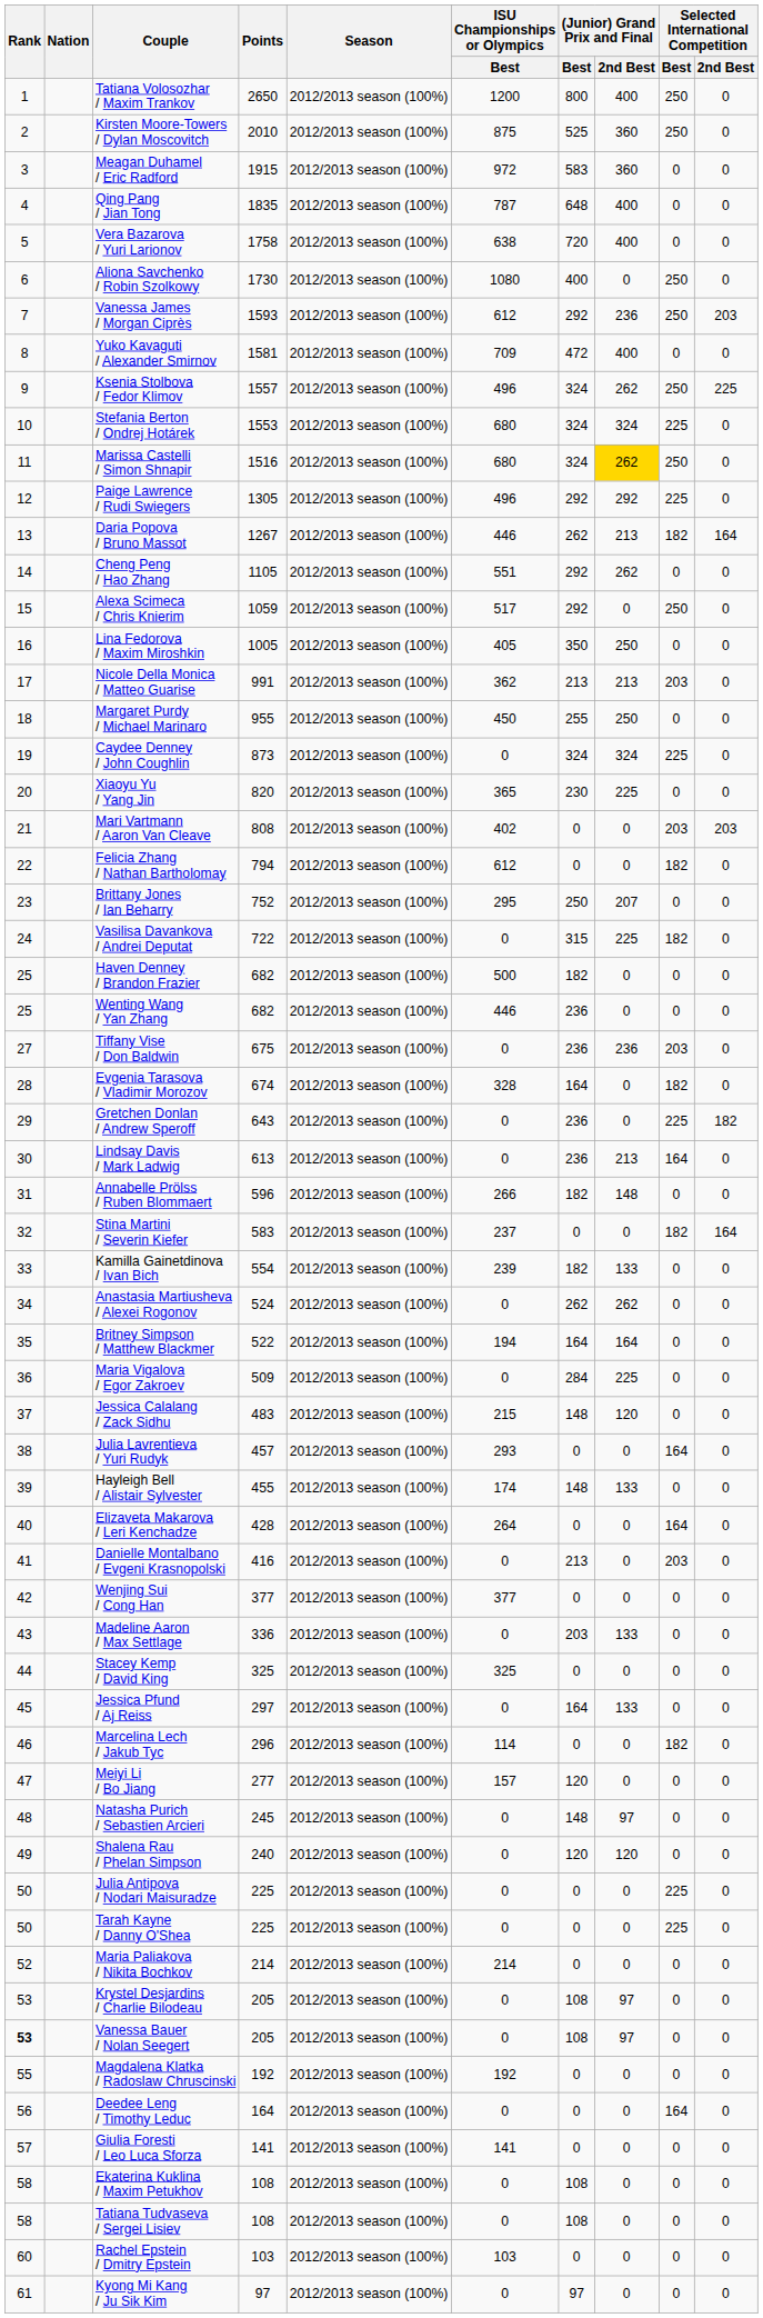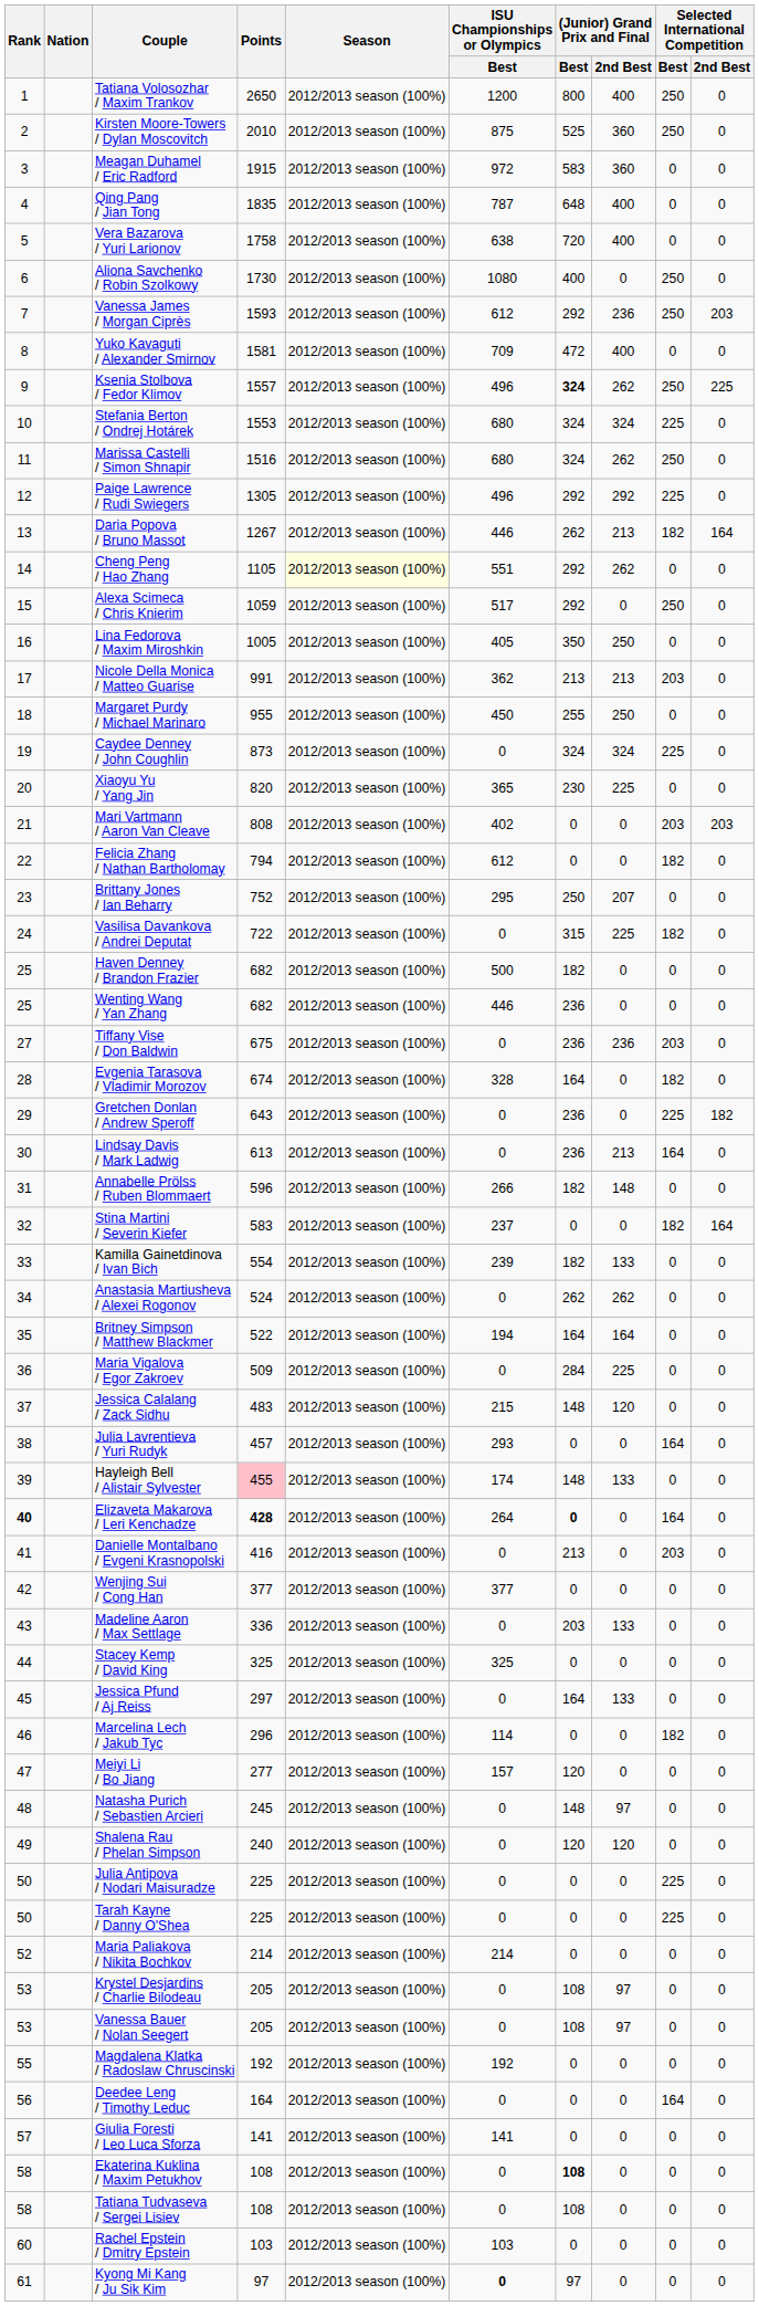 <table class="wikitable sortable" style="text-align: center;">
 <tr>
 <th rowspan="2">Rank</th>
 <th rowspan="2">Nation</th>
 <th rowspan="2">Couple</th>
 <th rowspan="2">Points</th>
 <th rowspan="2">Season</th>
 <th>ISU <br> Championships <br> or Olympics</th>
 <th colspan="2">(Junior) Grand <br> Prix and Final</th>
 <th colspan="2">Selected <br> International <br> Competition</th>
 </tr>
 <tr>
 <th>Best</th>
 <th>Best</th>
 <th>2nd Best</th>
 <th>Best</th>
 <th>2nd Best</th>
 </tr>
 <tr>
 <td>1</td>
 <td style="text-align: left;"></td>
 <td style="text-align: left;"><a href='#'>Tatiana Volosozhar</a> <br>/ <a href='#'>Maxim Trankov</a></td>
 <td>2650</td>
 <td style="text-align: left;">2012/2013 season (100%)</td>
 <td>1200</td>
 <td>800</td>
 <td>400</td>
 <td>250</td>
 <td>0</td>
 </tr>
 <tr>
 <td>2</td>
 <td style="text-align: left;"></td>
 <td style="text-align: left;"><a href='#'>Kirsten Moore-Towers</a> <br>/ <a href='#'>Dylan Moscovitch</a></td>
 <td>2010</td>
 <td style="text-align: left;">2012/2013 season (100%)</td>
 <td>875</td>
 <td>525</td>
 <td>360</td>
 <td>250</td>
 <td>0</td>
 </tr>
 <tr>
 <td>3</td>
 <td style="text-align: left;"></td>
 <td style="text-align: left;"><a href='#'>Meagan Duhamel</a> <br>/ <a href='#'>Eric Radford</a></td>
 <td>1915</td>
 <td style="text-align: left;">2012/2013 season (100%)</td>
 <td>972</td>
 <td>583</td>
 <td>360</td>
 <td>0</td>
 <td>0</td>
 </tr>
 <tr>
 <td>4</td>
 <td style="text-align: left;"></td>
 <td style="text-align: left;"><a href='#'>Qing Pang</a> <br>/ <a href='#'>Jian Tong</a></td>
 <td>1835</td>
 <td style="text-align: left;">2012/2013 season (100%)</td>
 <td>787</td>
 <td>648</td>
 <td>400</td>
 <td>0</td>
 <td>0</td>
 </tr>
 <tr>
 <td>5</td>
 <td style="text-align: left;"></td>
 <td style="text-align: left;"><a href='#'>Vera Bazarova</a> <br>/ <a href='#'>Yuri Larionov</a></td>
 <td>1758</td>
 <td style="text-align: left;">2012/2013 season (100%)</td>
 <td>638</td>
 <td>720</td>
 <td>400</td>
 <td>0</td>
 <td>0</td>
 </tr>
 <tr>
 <td>6</td>
 <td style="text-align: left;"></td>
 <td style="text-align: left;"><a href='#'>Aliona Savchenko</a> <br>/ <a href='#'>Robin Szolkowy</a></td>
 <td>1730</td>
 <td style="text-align: left;">2012/2013 season (100%)</td>
 <td>1080</td>
 <td>400</td>
 <td>0</td>
 <td>250</td>
 <td>0</td>
 </tr>
 <tr>
 <td>7</td>
 <td style="text-align: left;"></td>
 <td style="text-align: left;"><a href='#'>Vanessa James</a> <br>/ <a href='#'>Morgan Ciprès</a></td>
 <td>1593</td>
 <td style="text-align: left;">2012/2013 season (100%)</td>
 <td>612</td>
 <td>292</td>
 <td>236</td>
 <td>250</td>
 <td>203</td>
 </tr>
 <tr>
 <td>8</td>
 <td style="text-align: left;"></td>
 <td style="text-align: left;"><a href='#'>Yuko Kavaguti</a> <br>/ <a href='#'>Alexander Smirnov</a></td>
 <td>1581</td>
 <td style="text-align: left;">2012/2013 season (100%)</td>
 <td>709</td>
 <td>472</td>
 <td>400</td>
 <td>0</td>
 <td>0</td>
 </tr>
 <tr>
 <td>9</td>
 <td style="text-align: left;"></td>
 <td style="text-align: left;"><a href='#'>Ksenia Stolbova</a> <br>/ <a href='#'>Fedor Klimov</a></td>
 <td>1557</td>
 <td style="text-align: left;">2012/2013 season (100%)</td>
 <td>496</td>
-<td>324</td>
+<td><strong>324</strong></td>
 <td>262</td>
 <td>250</td>
 <td>225</td>
 </tr>
 <tr>
 <td>10</td>
 <td style="text-align: left;"></td>
 <td style="text-align: left;"><a href='#'>Stefania Berton</a> <br>/ <a href='#'>Ondrej Hotárek</a></td>
 <td>1553</td>
 <td style="text-align: left;">2012/2013 season (100%)</td>
 <td>680</td>
 <td>324</td>
 <td>324</td>
 <td>225</td>
 <td>0</td>
 </tr>
 <tr>
 <td>11</td>
 <td style="text-align: left;"></td>
 <td style="text-align: left;"><a href='#'>Marissa Castelli</a> <br>/ <a href='#'>Simon Shnapir</a></td>
 <td>1516</td>
 <td style="text-align: left;">2012/2013 season (100%)</td>
 <td>680</td>
 <td>324</td>
-<td style="background: gold;">262</td>
+<td>262</td>
 <td>250</td>
 <td>0</td>
 </tr>
 <tr>
 <td>12</td>
 <td style="text-align: left;"></td>
 <td style="text-align: left;"><a href='#'>Paige Lawrence</a> <br>/ <a href='#'>Rudi Swiegers</a></td>
 <td>1305</td>
 <td style="text-align: left;">2012/2013 season (100%)</td>
 <td>496</td>
 <td>292</td>
 <td>292</td>
 <td>225</td>
 <td>0</td>
 </tr>
 <tr>
 <td>13</td>
 <td style="text-align: left;"></td>
 <td style="text-align: left;"><a href='#'>Daria Popova</a> <br>/ <a href='#'>Bruno Massot</a></td>
 <td>1267</td>
 <td style="text-align: left;">2012/2013 season (100%)</td>
 <td>446</td>
 <td>262</td>
 <td>213</td>
 <td>182</td>
 <td>164</td>
 </tr>
 <tr>
 <td>14</td>
 <td style="text-align: left;"></td>
 <td style="text-align: left;"><a href='#'>Cheng Peng</a> <br>/ <a href='#'>Hao Zhang</a></td>
 <td>1105</td>
-<td style="text-align: left;">2012/2013 season (100%)</td>
+<td style="background: lightyellow; text-align: left;">2012/2013 season (100%)</td>
 <td>551</td>
 <td>292</td>
 <td>262</td>
 <td>0</td>
 <td>0</td>
 </tr>
 <tr>
 <td>15</td>
 <td style="text-align: left;"></td>
 <td style="text-align: left;"><a href='#'>Alexa Scimeca</a> <br>/ <a href='#'>Chris Knierim</a></td>
 <td>1059</td>
 <td style="text-align: left;">2012/2013 season (100%)</td>
 <td>517</td>
 <td>292</td>
 <td>0</td>
 <td>250</td>
 <td>0</td>
 </tr>
 <tr>
 <td>16</td>
 <td style="text-align: left;"></td>
 <td style="text-align: left;"><a href='#'>Lina Fedorova</a> <br>/ <a href='#'>Maxim Miroshkin</a></td>
 <td>1005</td>
 <td style="text-align: left;">2012/2013 season (100%)</td>
 <td>405</td>
 <td>350</td>
 <td>250</td>
 <td>0</td>
 <td>0</td>
 </tr>
 <tr>
 <td>17</td>
 <td style="text-align: left;"></td>
 <td style="text-align: left;"><a href='#'>Nicole Della Monica</a> <br>/ <a href='#'>Matteo Guarise</a></td>
 <td>991</td>
 <td style="text-align: left;">2012/2013 season (100%)</td>
 <td>362</td>
 <td>213</td>
 <td>213</td>
 <td>203</td>
 <td>0</td>
 </tr>
 <tr>
 <td>18</td>
 <td style="text-align: left;"></td>
 <td style="text-align: left;"><a href='#'>Margaret Purdy</a> <br>/ <a href='#'>Michael Marinaro</a></td>
 <td>955</td>
 <td style="text-align: left;">2012/2013 season (100%)</td>
 <td>450</td>
 <td>255</td>
 <td>250</td>
 <td>0</td>
 <td>0</td>
 </tr>
 <tr>
 <td>19</td>
 <td style="text-align: left;"></td>
 <td style="text-align: left;"><a href='#'>Caydee Denney</a> <br>/ <a href='#'>John Coughlin</a></td>
 <td>873</td>
 <td style="text-align: left;">2012/2013 season (100%)</td>
 <td>0</td>
 <td>324</td>
 <td>324</td>
 <td>225</td>
 <td>0</td>
 </tr>
 <tr>
 <td>20</td>
 <td style="text-align: left;"></td>
 <td style="text-align: left;"><a href='#'>Xiaoyu Yu</a> <br>/ <a href='#'>Yang Jin</a></td>
 <td>820</td>
 <td style="text-align: left;">2012/2013 season (100%)</td>
 <td>365</td>
 <td>230</td>
 <td>225</td>
 <td>0</td>
 <td>0</td>
 </tr>
 <tr>
 <td>21</td>
 <td style="text-align: left;"></td>
 <td style="text-align: left;"><a href='#'>Mari Vartmann</a> <br>/ <a href='#'>Aaron Van Cleave</a></td>
 <td>808</td>
 <td style="text-align: left;">2012/2013 season (100%)</td>
 <td>402</td>
 <td>0</td>
 <td>0</td>
 <td>203</td>
 <td>203</td>
 </tr>
 <tr>
 <td>22</td>
 <td style="text-align: left;"></td>
 <td style="text-align: left;"><a href='#'>Felicia Zhang</a> <br>/ <a href='#'>Nathan Bartholomay</a></td>
 <td>794</td>
 <td style="text-align: left;">2012/2013 season (100%)</td>
 <td>612</td>
 <td>0</td>
 <td>0</td>
 <td>182</td>
 <td>0</td>
 </tr>
 <tr>
 <td>23</td>
 <td style="text-align: left;"></td>
 <td style="text-align: left;"><a href='#'>Brittany Jones</a> <br>/ <a href='#'>Ian Beharry</a></td>
 <td>752</td>
 <td style="text-align: left;">2012/2013 season (100%)</td>
 <td>295</td>
 <td>250</td>
 <td>207</td>
 <td>0</td>
 <td>0</td>
 </tr>
 <tr>
 <td>24</td>
 <td style="text-align: left;"></td>
 <td style="text-align: left;"><a href='#'>Vasilisa Davankova</a> <br>/ <a href='#'>Andrei Deputat</a></td>
 <td>722</td>
 <td style="text-align: left;">2012/2013 season (100%)</td>
 <td>0</td>
 <td>315</td>
 <td>225</td>
 <td>182</td>
 <td>0</td>
 </tr>
 <tr>
 <td>25</td>
 <td style="text-align: left;"></td>
 <td style="text-align: left;"><a href='#'>Haven Denney</a> <br>/ <a href='#'>Brandon Frazier</a></td>
 <td>682</td>
 <td style="text-align: left;">2012/2013 season (100%)</td>
 <td>500</td>
 <td>182</td>
 <td>0</td>
 <td>0</td>
 <td>0</td>
 </tr>
 <tr>
 <td>25</td>
 <td style="text-align: left;"></td>
 <td style="text-align: left;"><a href='#'>Wenting Wang</a> <br>/ <a href='#'>Yan Zhang</a></td>
 <td>682</td>
 <td style="text-align: left;">2012/2013 season (100%)</td>
 <td>446</td>
 <td>236</td>
 <td>0</td>
 <td>0</td>
 <td>0</td>
 </tr>
 <tr>
 <td>27</td>
 <td style="text-align: left;"></td>
 <td style="text-align: left;"><a href='#'>Tiffany Vise</a> <br>/ <a href='#'>Don Baldwin</a></td>
 <td>675</td>
 <td style="text-align: left;">2012/2013 season (100%)</td>
 <td>0</td>
 <td>236</td>
 <td>236</td>
 <td>203</td>
 <td>0</td>
 </tr>
 <tr>
 <td>28</td>
 <td style="text-align: left;"></td>
 <td style="text-align: left;"><a href='#'>Evgenia Tarasova</a> <br>/ <a href='#'>Vladimir Morozov</a></td>
 <td>674</td>
 <td style="text-align: left;">2012/2013 season (100%)</td>
 <td>328</td>
 <td>164</td>
 <td>0</td>
 <td>182</td>
 <td>0</td>
 </tr>
 <tr>
 <td>29</td>
 <td style="text-align: left;"></td>
 <td style="text-align: left;"><a href='#'>Gretchen Donlan</a> <br>/ <a href='#'>Andrew Speroff</a></td>
 <td>643</td>
 <td style="text-align: left;">2012/2013 season (100%)</td>
 <td>0</td>
 <td>236</td>
 <td>0</td>
 <td>225</td>
 <td>182</td>
 </tr>
 <tr>
 <td>30</td>
 <td style="text-align: left;"></td>
 <td style="text-align: left;"><a href='#'>Lindsay Davis</a> <br>/ <a href='#'>Mark Ladwig</a></td>
 <td>613</td>
 <td style="text-align: left;">2012/2013 season (100%)</td>
 <td>0</td>
 <td>236</td>
 <td>213</td>
 <td>164</td>
 <td>0</td>
 </tr>
 <tr>
 <td>31</td>
 <td style="text-align: left;"></td>
 <td style="text-align: left;"><a href='#'>Annabelle Prölss</a> <br>/ <a href='#'>Ruben Blommaert</a></td>
 <td>596</td>
 <td style="text-align: left;">2012/2013 season (100%)</td>
 <td>266</td>
 <td>182</td>
 <td>148</td>
 <td>0</td>
 <td>0</td>
 </tr>
 <tr>
 <td>32</td>
 <td style="text-align: left;"></td>
 <td style="text-align: left;"><a href='#'>Stina Martini</a> <br>/ <a href='#'>Severin Kiefer</a></td>
 <td>583</td>
 <td style="text-align: left;">2012/2013 season (100%)</td>
 <td>237</td>
 <td>0</td>
 <td>0</td>
 <td>182</td>
 <td>164</td>
 </tr>
 <tr>
 <td>33</td>
 <td style="text-align: left;"></td>
 <td style="text-align: left;">Kamilla Gainetdinova <br>/ <a href='#'>Ivan Bich</a></td>
 <td>554</td>
 <td style="text-align: left;">2012/2013 season (100%)</td>
 <td>239</td>
 <td>182</td>
 <td>133</td>
 <td>0</td>
 <td>0</td>
 </tr>
 <tr>
 <td>34</td>
 <td style="text-align: left;"></td>
 <td style="text-align: left;"><a href='#'>Anastasia Martiusheva</a> <br>/ <a href='#'>Alexei Rogonov</a></td>
 <td>524</td>
 <td style="text-align: left;">2012/2013 season (100%)</td>
 <td>0</td>
 <td>262</td>
 <td>262</td>
 <td>0</td>
 <td>0</td>
 </tr>
 <tr>
 <td>35</td>
 <td style="text-align: left;"></td>
 <td style="text-align: left;"><a href='#'>Britney Simpson</a> <br>/ <a href='#'>Matthew Blackmer</a></td>
 <td>522</td>
 <td style="text-align: left;">2012/2013 season (100%)</td>
 <td>194</td>
 <td>164</td>
 <td>164</td>
 <td>0</td>
 <td>0</td>
 </tr>
 <tr>
 <td>36</td>
 <td style="text-align: left;"></td>
 <td style="text-align: left;"><a href='#'>Maria Vigalova</a> <br>/ <a href='#'>Egor Zakroev</a></td>
 <td>509</td>
 <td style="text-align: left;">2012/2013 season (100%)</td>
 <td>0</td>
 <td>284</td>
 <td>225</td>
 <td>0</td>
 <td>0</td>
 </tr>
 <tr>
 <td>37</td>
 <td style="text-align: left;"></td>
 <td style="text-align: left;"><a href='#'>Jessica Calalang</a> <br>/ <a href='#'>Zack Sidhu</a></td>
 <td>483</td>
 <td style="text-align: left;">2012/2013 season (100%)</td>
 <td>215</td>
 <td>148</td>
 <td>120</td>
 <td>0</td>
 <td>0</td>
 </tr>
 <tr>
 <td>38</td>
 <td style="text-align: left;"></td>
 <td style="text-align: left;"><a href='#'>Julia Lavrentieva</a> <br>/ <a href='#'>Yuri Rudyk</a></td>
 <td>457</td>
 <td style="text-align: left;">2012/2013 season (100%)</td>
 <td>293</td>
 <td>0</td>
 <td>0</td>
 <td>164</td>
 <td>0</td>
 </tr>
 <tr>
 <td>39</td>
 <td style="text-align: left;"></td>
 <td style="text-align: left;">Hayleigh Bell <br>/ <a href='#'>Alistair Sylvester</a></td>
-<td>455</td>
+<td style="background: pink;">455</td>
 <td style="text-align: left;">2012/2013 season (100%)</td>
 <td>174</td>
 <td>148</td>
 <td>133</td>
 <td>0</td>
 <td>0</td>
 </tr>
 <tr>
-<td>40</td>
+<td><strong>40</strong></td>
 <td style="text-align: left;"></td>
 <td style="text-align: left;"><a href='#'>Elizaveta Makarova</a> <br>/ <a href='#'>Leri Kenchadze</a></td>
-<td>428</td>
+<td><strong>428</strong></td>
 <td style="text-align: left;">2012/2013 season (100%)</td>
 <td>264</td>
-<td>0</td>
+<td><strong>0</strong></td>
 <td>0</td>
 <td>164</td>
 <td>0</td>
 </tr>
 <tr>
 <td>41</td>
 <td style="text-align: left;"></td>
 <td style="text-align: left;"><a href='#'>Danielle Montalbano</a> <br>/ <a href='#'>Evgeni Krasnopolski</a></td>
 <td>416</td>
 <td style="text-align: left;">2012/2013 season (100%)</td>
 <td>0</td>
 <td>213</td>
 <td>0</td>
 <td>203</td>
 <td>0</td>
 </tr>
 <tr>
 <td>42</td>
 <td style="text-align: left;"></td>
 <td style="text-align: left;"><a href='#'>Wenjing Sui</a> <br>/ <a href='#'>Cong Han</a></td>
 <td>377</td>
 <td style="text-align: left;">2012/2013 season (100%)</td>
 <td>377</td>
 <td>0</td>
 <td>0</td>
 <td>0</td>
 <td>0</td>
 </tr>
 <tr>
 <td>43</td>
 <td style="text-align: left;"></td>
 <td style="text-align: left;"><a href='#'>Madeline Aaron</a> <br>/ <a href='#'>Max Settlage</a></td>
 <td>336</td>
 <td style="text-align: left;">2012/2013 season (100%)</td>
 <td>0</td>
 <td>203</td>
 <td>133</td>
 <td>0</td>
 <td>0</td>
 </tr>
 <tr>
 <td>44</td>
 <td style="text-align: left;"></td>
 <td style="text-align: left;"><a href='#'>Stacey Kemp</a> <br>/ <a href='#'>David King</a></td>
 <td>325</td>
 <td style="text-align: left;">2012/2013 season (100%)</td>
 <td>325</td>
 <td>0</td>
 <td>0</td>
 <td>0</td>
 <td>0</td>
 </tr>
 <tr>
 <td>45</td>
 <td style="text-align: left;"></td>
 <td style="text-align: left;"><a href='#'>Jessica Pfund</a> <br>/ <a href='#'>Aj Reiss</a></td>
 <td>297</td>
 <td style="text-align: left;">2012/2013 season (100%)</td>
 <td>0</td>
 <td>164</td>
 <td>133</td>
 <td>0</td>
 <td>0</td>
 </tr>
 <tr>
 <td>46</td>
 <td style="text-align: left;"></td>
 <td style="text-align: left;"><a href='#'>Marcelina Lech</a> <br>/ <a href='#'>Jakub Tyc</a></td>
 <td>296</td>
 <td style="text-align: left;">2012/2013 season (100%)</td>
 <td>114</td>
 <td>0</td>
 <td>0</td>
 <td>182</td>
 <td>0</td>
 </tr>
 <tr>
 <td>47</td>
 <td style="text-align: left;"></td>
 <td style="text-align: left;"><a href='#'>Meiyi Li</a> <br>/ <a href='#'>Bo Jiang</a></td>
 <td>277</td>
 <td style="text-align: left;">2012/2013 season (100%)</td>
 <td>157</td>
 <td>120</td>
 <td>0</td>
 <td>0</td>
 <td>0</td>
 </tr>
 <tr>
 <td>48</td>
 <td style="text-align: left;"></td>
 <td style="text-align: left;"><a href='#'>Natasha Purich</a> <br>/ <a href='#'>Sebastien Arcieri</a></td>
 <td>245</td>
 <td style="text-align: left;">2012/2013 season (100%)</td>
 <td>0</td>
 <td>148</td>
 <td>97</td>
 <td>0</td>
 <td>0</td>
 </tr>
 <tr>
 <td>49</td>
 <td style="text-align: left;"></td>
 <td style="text-align: left;"><a href='#'>Shalena Rau</a> <br>/ <a href='#'>Phelan Simpson</a></td>
 <td>240</td>
 <td style="text-align: left;">2012/2013 season (100%)</td>
 <td>0</td>
 <td>120</td>
 <td>120</td>
 <td>0</td>
 <td>0</td>
 </tr>
 <tr>
 <td>50</td>
 <td style="text-align: left;"></td>
 <td style="text-align: left;"><a href='#'>Julia Antipova</a> <br>/ <a href='#'>Nodari Maisuradze</a></td>
 <td>225</td>
 <td style="text-align: left;">2012/2013 season (100%)</td>
 <td>0</td>
 <td>0</td>
 <td>0</td>
 <td>225</td>
 <td>0</td>
 </tr>
 <tr>
 <td>50</td>
 <td style="text-align: left;"></td>
 <td style="text-align: left;"><a href='#'>Tarah Kayne</a> <br>/ <a href='#'>Danny O'Shea</a></td>
 <td>225</td>
 <td style="text-align: left;">2012/2013 season (100%)</td>
 <td>0</td>
 <td>0</td>
 <td>0</td>
 <td>225</td>
 <td>0</td>
 </tr>
 <tr>
 <td>52</td>
 <td style="text-align: left;"></td>
 <td style="text-align: left;"><a href='#'>Maria Paliakova</a> <br>/ <a href='#'>Nikita Bochkov</a></td>
 <td>214</td>
 <td style="text-align: left;">2012/2013 season (100%)</td>
 <td>214</td>
 <td>0</td>
 <td>0</td>
 <td>0</td>
 <td>0</td>
 </tr>
 <tr>
 <td>53</td>
 <td style="text-align: left;"></td>
 <td style="text-align: left;"><a href='#'>Krystel Desjardins</a> <br>/ <a href='#'>Charlie Bilodeau</a></td>
 <td>205</td>
 <td style="text-align: left;">2012/2013 season (100%)</td>
 <td>0</td>
 <td>108</td>
 <td>97</td>
 <td>0</td>
 <td>0</td>
 </tr>
 <tr>
-<td><strong>53</strong></td>
+<td>53</td>
 <td style="text-align: left;"></td>
 <td style="text-align: left;"><a href='#'>Vanessa Bauer</a> <br>/ <a href='#'>Nolan Seegert</a></td>
 <td>205</td>
 <td style="text-align: left;">2012/2013 season (100%)</td>
 <td>0</td>
 <td>108</td>
 <td>97</td>
 <td>0</td>
 <td>0</td>
 </tr>
 <tr>
 <td>55</td>
 <td style="text-align: left;"></td>
 <td style="text-align: left;"><a href='#'>Magdalena Klatka</a> <br>/ <a href='#'>Radoslaw Chruscinski</a></td>
 <td>192</td>
 <td style="text-align: left;">2012/2013 season (100%)</td>
 <td>192</td>
 <td>0</td>
 <td>0</td>
 <td>0</td>
 <td>0</td>
 </tr>
 <tr>
 <td>56</td>
 <td style="text-align: left;"></td>
 <td style="text-align: left;"><a href='#'>Deedee Leng</a> <br>/ <a href='#'>Timothy Leduc</a></td>
 <td>164</td>
 <td style="text-align: left;">2012/2013 season (100%)</td>
 <td>0</td>
 <td>0</td>
 <td>0</td>
 <td>164</td>
 <td>0</td>
 </tr>
 <tr>
 <td>57</td>
 <td style="text-align: left;"></td>
 <td style="text-align: left;"><a href='#'>Giulia Foresti</a> <br>/ <a href='#'>Leo Luca Sforza</a></td>
 <td>141</td>
 <td style="text-align: left;">2012/2013 season (100%)</td>
 <td>141</td>
 <td>0</td>
 <td>0</td>
 <td>0</td>
 <td>0</td>
 </tr>
 <tr>
 <td>58</td>
 <td style="text-align: left;"></td>
 <td style="text-align: left;"><a href='#'>Ekaterina Kuklina</a> <br>/ <a href='#'>Maxim Petukhov</a></td>
 <td>108</td>
 <td style="text-align: left;">2012/2013 season (100%)</td>
 <td>0</td>
-<td>108</td>
+<td><strong>108</strong></td>
 <td>0</td>
 <td>0</td>
 <td>0</td>
 </tr>
 <tr>
 <td>58</td>
 <td style="text-align: left;"></td>
 <td style="text-align: left;"><a href='#'>Tatiana Tudvaseva</a> <br>/ <a href='#'>Sergei Lisiev</a></td>
 <td>108</td>
 <td style="text-align: left;">2012/2013 season (100%)</td>
 <td>0</td>
 <td>108</td>
 <td>0</td>
 <td>0</td>
 <td>0</td>
 </tr>
 <tr>
 <td>60</td>
 <td style="text-align: left;"></td>
 <td style="text-align: left;"><a href='#'>Rachel Epstein</a> <br>/ <a href='#'>Dmitry Epstein</a></td>
 <td>103</td>
 <td style="text-align: left;">2012/2013 season (100%)</td>
 <td>103</td>
 <td>0</td>
 <td>0</td>
 <td>0</td>
 <td>0</td>
 </tr>
 <tr>
 <td>61</td>
 <td style="text-align: left;"></td>
 <td style="text-align: left;"><a href='#'>Kyong Mi Kang</a> <br>/ <a href='#'>Ju Sik Kim</a></td>
 <td>97</td>
 <td style="text-align: left;">2012/2013 season (100%)</td>
-<td>0</td>
+<td><strong>0</strong></td>
 <td>97</td>
 <td>0</td>
 <td>0</td>
 <td>0</td>
 </tr>
 </table>
